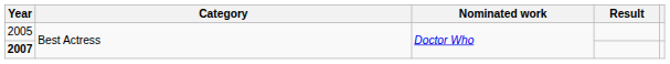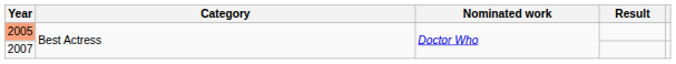 <table class="wikitable" width = 74%>
 <tr>
 <th width=4%>Year</th>
 <th width=58%>Category</th>
 <th width=28%>Nominated work</th>
 <th width=10%>Result</th>
 <th width=5%></th>
 </tr>
 <tr>
-<td>2005</td>
+<td style="background: lightsalmon;">2005</td>
 <td rowspan="2">Best Actress</td>
 <td rowspan="2"><em><a href='#'>Doctor Who</a></em></td>
 <td></td>
 <td></td>
 </tr>
 <tr>
-<td><strong>2007</strong></td>
+<td>2007</td>
 <td></td>
 <td></td>
 </tr>
 </table>
